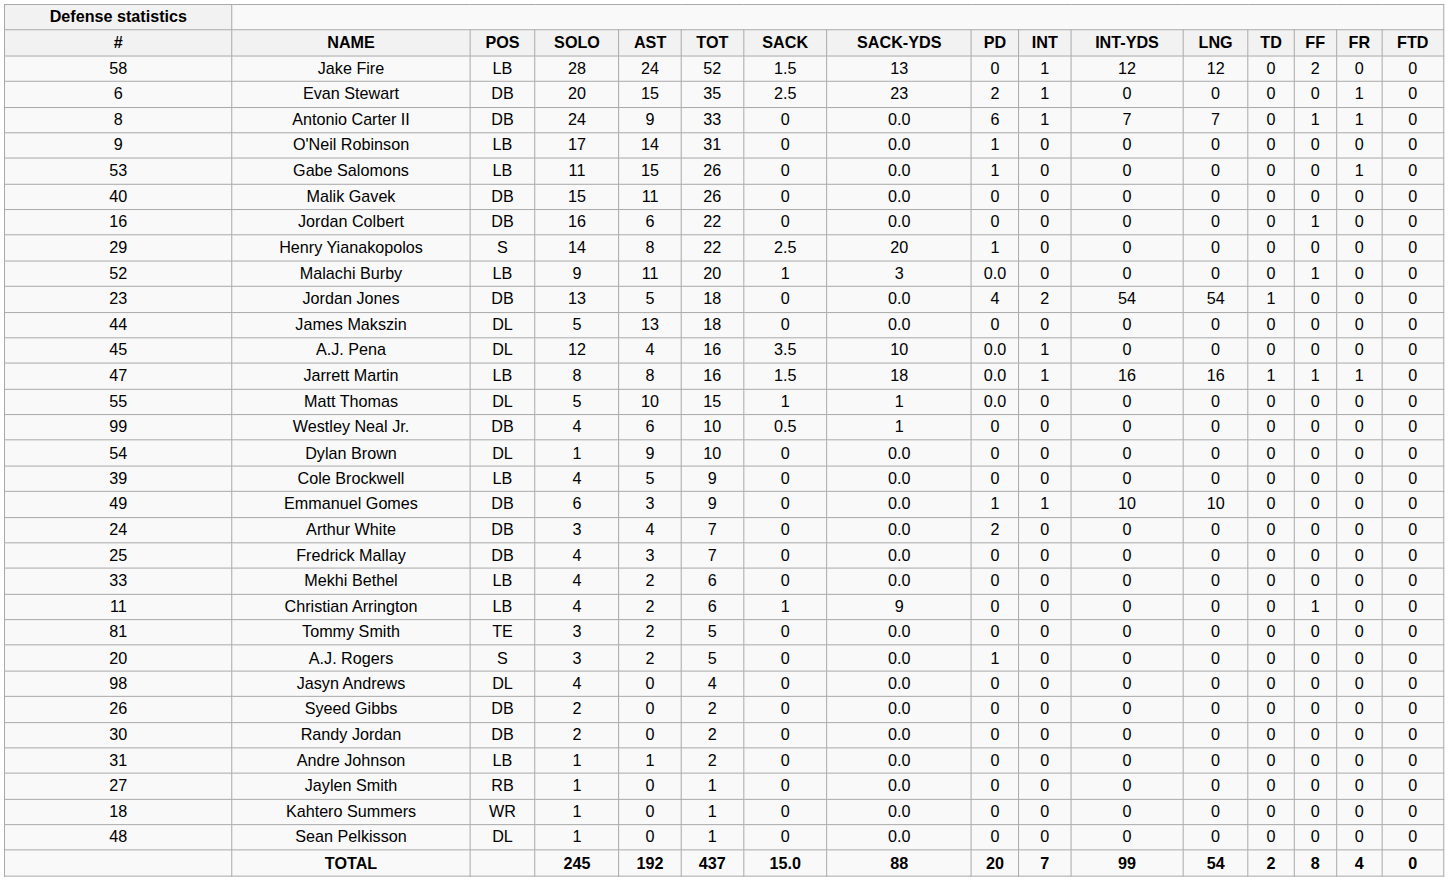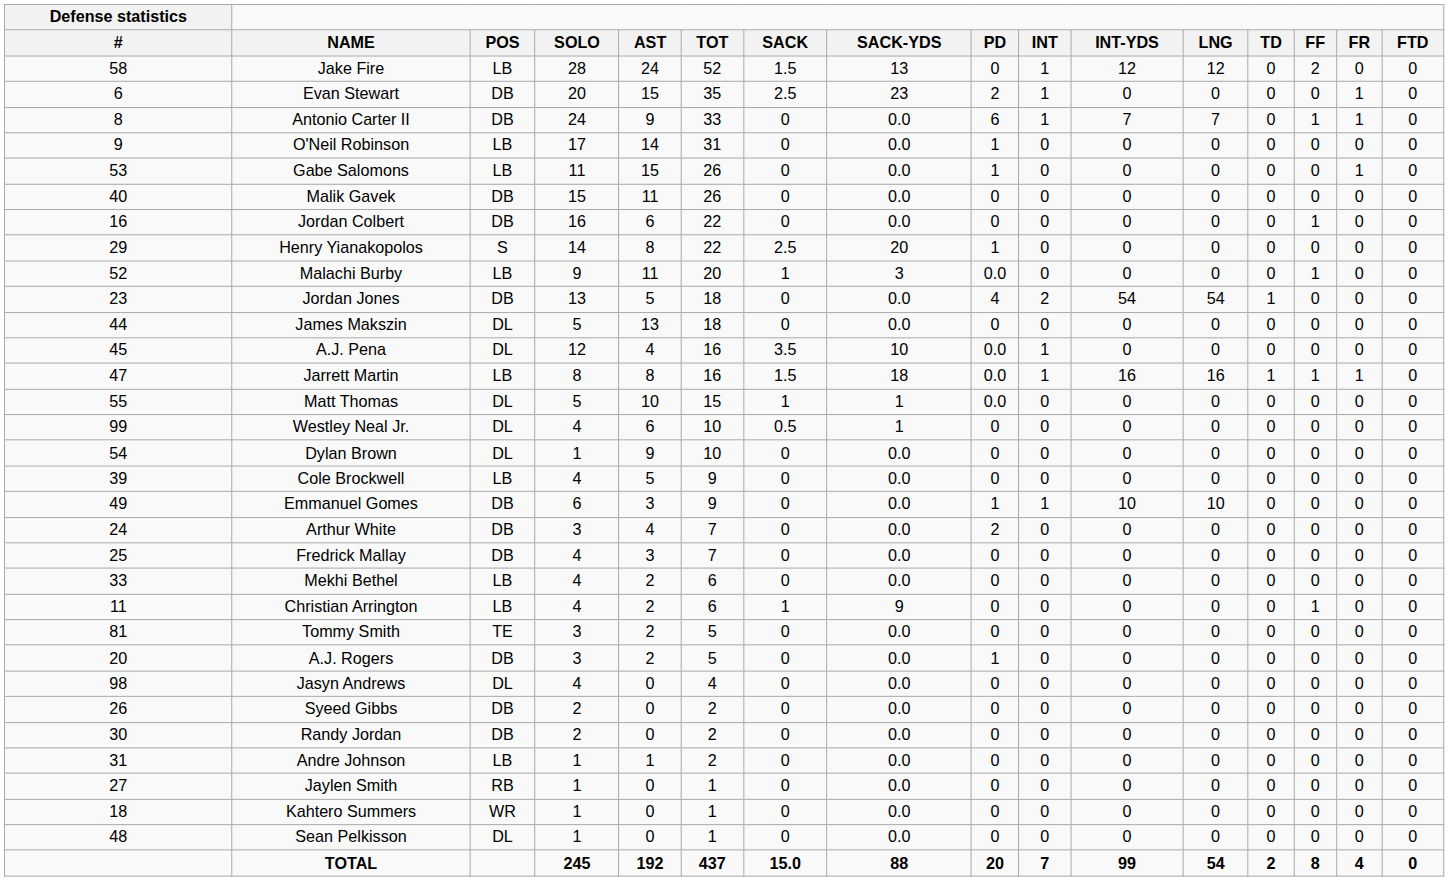 <table style="width:90%; text-align:center;" class="wikitable collapsible collapsed">
 <tr>
 <th style="text-align:center; ">Defense statistics</th>
 </tr>
 <tr>
 <th>#</th>
 <th>NAME</th>
 <th>POS</th>
 <th>SOLO</th>
 <th>AST</th>
 <th>TOT</th>
 <th>SACK</th>
 <th>SACK-YDS</th>
 <th>PD</th>
 <th>INT</th>
 <th>INT-YDS</th>
 <th>LNG</th>
 <th>TD</th>
 <th>FF</th>
 <th>FR</th>
 <th>FTD</th>
 </tr>
 <tr>
 <td>58</td>
 <td>Jake Fire</td>
 <td>LB</td>
 <td>28</td>
 <td>24</td>
 <td>52</td>
 <td>1.5</td>
 <td>13</td>
 <td>0</td>
 <td>1</td>
 <td>12</td>
 <td>12</td>
 <td>0</td>
 <td>2</td>
 <td>0</td>
 <td>0</td>
 </tr>
 <tr>
 <td>6</td>
 <td>Evan Stewart</td>
 <td>DB</td>
 <td>20</td>
 <td>15</td>
 <td>35</td>
 <td>2.5</td>
 <td>23</td>
 <td>2</td>
 <td>1</td>
 <td>0</td>
 <td>0</td>
 <td>0</td>
 <td>0</td>
 <td>1</td>
 <td>0</td>
 </tr>
 <tr>
 <td>8</td>
 <td>Antonio Carter II</td>
 <td>DB</td>
 <td>24</td>
 <td>9</td>
 <td>33</td>
 <td>0</td>
 <td>0.0</td>
 <td>6</td>
 <td>1</td>
 <td>7</td>
 <td>7</td>
 <td>0</td>
 <td>1</td>
 <td>1</td>
 <td>0</td>
 </tr>
 <tr>
 <td>9</td>
 <td>O'Neil Robinson</td>
 <td>LB</td>
 <td>17</td>
 <td>14</td>
 <td>31</td>
 <td>0</td>
 <td>0.0</td>
 <td>1</td>
 <td>0</td>
 <td>0</td>
 <td>0</td>
 <td>0</td>
 <td>0</td>
 <td>0</td>
 <td>0</td>
 </tr>
 <tr>
 <td>53</td>
 <td>Gabe Salomons</td>
 <td>LB</td>
 <td>11</td>
 <td>15</td>
 <td>26</td>
 <td>0</td>
 <td>0.0</td>
 <td>1</td>
 <td>0</td>
 <td>0</td>
 <td>0</td>
 <td>0</td>
 <td>0</td>
 <td>1</td>
 <td>0</td>
 </tr>
 <tr>
 <td>40</td>
 <td>Malik Gavek</td>
 <td>DB</td>
 <td>15</td>
 <td>11</td>
 <td>26</td>
 <td>0</td>
 <td>0.0</td>
 <td>0</td>
 <td>0</td>
 <td>0</td>
 <td>0</td>
 <td>0</td>
 <td>0</td>
 <td>0</td>
 <td>0</td>
 </tr>
 <tr>
 <td>16</td>
 <td>Jordan Colbert</td>
 <td>DB</td>
 <td>16</td>
 <td>6</td>
 <td>22</td>
 <td>0</td>
 <td>0.0</td>
 <td>0</td>
 <td>0</td>
 <td>0</td>
 <td>0</td>
 <td>0</td>
 <td>1</td>
 <td>0</td>
 <td>0</td>
 </tr>
 <tr>
 <td>29</td>
 <td>Henry Yianakopolos</td>
 <td>S</td>
 <td>14</td>
 <td>8</td>
 <td>22</td>
 <td>2.5</td>
 <td>20</td>
 <td>1</td>
 <td>0</td>
 <td>0</td>
 <td>0</td>
 <td>0</td>
 <td>0</td>
 <td>0</td>
 <td>0</td>
 </tr>
 <tr>
 <td>52</td>
 <td>Malachi Burby</td>
 <td>LB</td>
 <td>9</td>
 <td>11</td>
 <td>20</td>
 <td>1</td>
 <td>3</td>
 <td>0.0</td>
 <td>0</td>
 <td>0</td>
 <td>0</td>
 <td>0</td>
 <td>1</td>
 <td>0</td>
 <td>0</td>
 </tr>
 <tr>
 <td>23</td>
 <td>Jordan Jones</td>
 <td>DB</td>
 <td>13</td>
 <td>5</td>
 <td>18</td>
 <td>0</td>
 <td>0.0</td>
 <td>4</td>
 <td>2</td>
 <td>54</td>
 <td>54</td>
 <td>1</td>
 <td>0</td>
 <td>0</td>
 <td>0</td>
 </tr>
 <tr>
 <td>44</td>
 <td>James Makszin</td>
 <td>DL</td>
 <td>5</td>
 <td>13</td>
 <td>18</td>
 <td>0</td>
 <td>0.0</td>
 <td>0</td>
 <td>0</td>
 <td>0</td>
 <td>0</td>
 <td>0</td>
 <td>0</td>
 <td>0</td>
 <td>0</td>
 </tr>
 <tr>
 <td>45</td>
 <td>A.J. Pena</td>
 <td>DL</td>
 <td>12</td>
 <td>4</td>
 <td>16</td>
 <td>3.5</td>
 <td>10</td>
 <td>0.0</td>
 <td>1</td>
 <td>0</td>
 <td>0</td>
 <td>0</td>
 <td>0</td>
 <td>0</td>
 <td>0</td>
 </tr>
 <tr>
 <td>47</td>
 <td>Jarrett Martin</td>
 <td>LB</td>
 <td>8</td>
 <td>8</td>
 <td>16</td>
 <td>1.5</td>
 <td>18</td>
 <td>0.0</td>
 <td>1</td>
 <td>16</td>
 <td>16</td>
 <td>1</td>
 <td>1</td>
 <td>1</td>
 <td>0</td>
 </tr>
 <tr>
 <td>55</td>
 <td>Matt Thomas</td>
 <td>DL</td>
 <td>5</td>
 <td>10</td>
 <td>15</td>
 <td>1</td>
 <td>1</td>
 <td>0.0</td>
 <td>0</td>
 <td>0</td>
 <td>0</td>
 <td>0</td>
 <td>0</td>
 <td>0</td>
 <td>0</td>
 </tr>
 <tr>
 <td>99</td>
 <td>Westley Neal Jr.</td>
-<td>DB</td>
+<td>DL</td>
 <td>4</td>
 <td>6</td>
 <td>10</td>
 <td>0.5</td>
 <td>1</td>
 <td>0</td>
 <td>0</td>
 <td>0</td>
 <td>0</td>
 <td>0</td>
 <td>0</td>
 <td>0</td>
 <td>0</td>
 </tr>
 <tr>
 <td>54</td>
 <td>Dylan Brown</td>
 <td>DL</td>
 <td>1</td>
 <td>9</td>
 <td>10</td>
 <td>0</td>
 <td>0.0</td>
 <td>0</td>
 <td>0</td>
 <td>0</td>
 <td>0</td>
 <td>0</td>
 <td>0</td>
 <td>0</td>
 <td>0</td>
 </tr>
 <tr>
 <td>39</td>
 <td>Cole Brockwell</td>
 <td>LB</td>
 <td>4</td>
 <td>5</td>
 <td>9</td>
 <td>0</td>
 <td>0.0</td>
 <td>0</td>
 <td>0</td>
 <td>0</td>
 <td>0</td>
 <td>0</td>
 <td>0</td>
 <td>0</td>
 <td>0</td>
 </tr>
 <tr>
 <td>49</td>
 <td>Emmanuel Gomes</td>
 <td>DB</td>
 <td>6</td>
 <td>3</td>
 <td>9</td>
 <td>0</td>
 <td>0.0</td>
 <td>1</td>
 <td>1</td>
 <td>10</td>
 <td>10</td>
 <td>0</td>
 <td>0</td>
 <td>0</td>
 <td>0</td>
 </tr>
 <tr>
 <td>24</td>
 <td>Arthur White</td>
 <td>DB</td>
 <td>3</td>
 <td>4</td>
 <td>7</td>
 <td>0</td>
 <td>0.0</td>
 <td>2</td>
 <td>0</td>
 <td>0</td>
 <td>0</td>
 <td>0</td>
 <td>0</td>
 <td>0</td>
 <td>0</td>
 </tr>
 <tr>
 <td>25</td>
 <td>Fredrick Mallay</td>
 <td>DB</td>
 <td>4</td>
 <td>3</td>
 <td>7</td>
 <td>0</td>
 <td>0.0</td>
 <td>0</td>
 <td>0</td>
 <td>0</td>
 <td>0</td>
 <td>0</td>
 <td>0</td>
 <td>0</td>
 <td>0</td>
 </tr>
 <tr>
 <td>33</td>
 <td>Mekhi Bethel</td>
 <td>LB</td>
 <td>4</td>
 <td>2</td>
 <td>6</td>
 <td>0</td>
 <td>0.0</td>
 <td>0</td>
 <td>0</td>
 <td>0</td>
 <td>0</td>
 <td>0</td>
 <td>0</td>
 <td>0</td>
 <td>0</td>
 </tr>
 <tr>
 <td>11</td>
 <td>Christian Arrington</td>
 <td>LB</td>
 <td>4</td>
 <td>2</td>
 <td>6</td>
 <td>1</td>
 <td>9</td>
 <td>0</td>
 <td>0</td>
 <td>0</td>
 <td>0</td>
 <td>0</td>
 <td>1</td>
 <td>0</td>
 <td>0</td>
 </tr>
 <tr>
 <td>81</td>
 <td>Tommy Smith</td>
 <td>TE</td>
 <td>3</td>
 <td>2</td>
 <td>5</td>
 <td>0</td>
 <td>0.0</td>
 <td>0</td>
 <td>0</td>
 <td>0</td>
 <td>0</td>
 <td>0</td>
 <td>0</td>
 <td>0</td>
 <td>0</td>
 </tr>
 <tr>
 <td>20</td>
 <td>A.J. Rogers</td>
-<td>S</td>
+<td>DB</td>
 <td>3</td>
 <td>2</td>
 <td>5</td>
 <td>0</td>
 <td>0.0</td>
 <td>1</td>
 <td>0</td>
 <td>0</td>
 <td>0</td>
 <td>0</td>
 <td>0</td>
 <td>0</td>
 <td>0</td>
 </tr>
 <tr>
 <td>98</td>
 <td>Jasyn Andrews</td>
 <td>DL</td>
 <td>4</td>
 <td>0</td>
 <td>4</td>
 <td>0</td>
 <td>0.0</td>
 <td>0</td>
 <td>0</td>
 <td>0</td>
 <td>0</td>
 <td>0</td>
 <td>0</td>
 <td>0</td>
 <td>0</td>
 </tr>
 <tr>
 <td>26</td>
 <td>Syeed Gibbs</td>
 <td>DB</td>
 <td>2</td>
 <td>0</td>
 <td>2</td>
 <td>0</td>
 <td>0.0</td>
 <td>0</td>
 <td>0</td>
 <td>0</td>
 <td>0</td>
 <td>0</td>
 <td>0</td>
 <td>0</td>
 <td>0</td>
 </tr>
 <tr>
 <td>30</td>
 <td>Randy Jordan</td>
 <td>DB</td>
 <td>2</td>
 <td>0</td>
 <td>2</td>
 <td>0</td>
 <td>0.0</td>
 <td>0</td>
 <td>0</td>
 <td>0</td>
 <td>0</td>
 <td>0</td>
 <td>0</td>
 <td>0</td>
 <td>0</td>
 </tr>
 <tr>
 <td>31</td>
 <td>Andre Johnson</td>
 <td>LB</td>
 <td>1</td>
 <td>1</td>
 <td>2</td>
 <td>0</td>
 <td>0.0</td>
 <td>0</td>
 <td>0</td>
 <td>0</td>
 <td>0</td>
 <td>0</td>
 <td>0</td>
 <td>0</td>
 <td>0</td>
 </tr>
 <tr>
 <td>27</td>
 <td>Jaylen Smith</td>
 <td>RB</td>
 <td>1</td>
 <td>0</td>
 <td>1</td>
 <td>0</td>
 <td>0.0</td>
 <td>0</td>
 <td>0</td>
 <td>0</td>
 <td>0</td>
 <td>0</td>
 <td>0</td>
 <td>0</td>
 <td>0</td>
 </tr>
 <tr>
 <td>18</td>
 <td>Kahtero Summers</td>
 <td>WR</td>
 <td>1</td>
 <td>0</td>
 <td>1</td>
 <td>0</td>
 <td>0.0</td>
 <td>0</td>
 <td>0</td>
 <td>0</td>
 <td>0</td>
 <td>0</td>
 <td>0</td>
 <td>0</td>
 <td>0</td>
 </tr>
 <tr>
 <td>48</td>
 <td>Sean Pelkisson</td>
 <td>DL</td>
 <td>1</td>
 <td>0</td>
 <td>1</td>
 <td>0</td>
 <td>0.0</td>
 <td>0</td>
 <td>0</td>
 <td>0</td>
 <td>0</td>
 <td>0</td>
 <td>0</td>
 <td>0</td>
 <td>0</td>
 </tr>
 <tr>
 <td></td>
 <td><strong>TOTAL</strong></td>
 <td></td>
 <td><strong>245</strong></td>
 <td><strong>192</strong></td>
 <td><strong>437</strong></td>
 <td><strong>15.0</strong></td>
 <td><strong>88</strong></td>
 <td><strong>20</strong></td>
 <td><strong>7</strong></td>
 <td><strong>99</strong></td>
 <td><strong>54</strong></td>
 <td><strong>2</strong></td>
 <td><strong>8</strong></td>
 <td><strong>4</strong></td>
 <td><strong>0</strong></td>
 </tr>
 </table>
